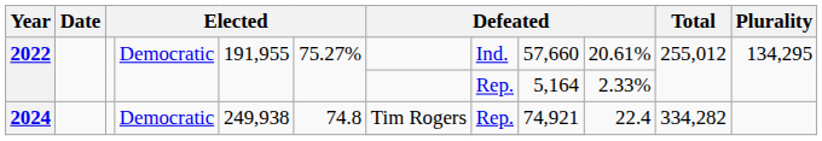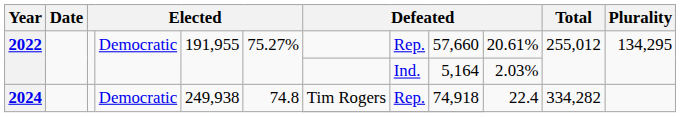 <table class=wikitable>
 <tr>
 <th>Year</th>
 <th>Date</th>
 <th ! colspan="4">Elected</th>
 <th ! colspan="4">Defeated</th>
 <th>Total</th>
 <th>Plurality</th>
 </tr>
 <tr>
 <th rowspan="2" valign="top"><a href='#'>2022</a></th>
 <td rowspan="2" valign="top"></td>
 <td rowspan="2" valign="top"></td>
 <td rowspan="2" valign="top" ><a href='#'>Democratic</a></td>
 <td rowspan="2" valign="top" align="right">191,955</td>
 <td rowspan="2" valign="top" align="right">75.27%</td>
 <td valign="top"></td>
-<td valign="top" ><a href='#'>Ind.</a></td>
+<td valign="top" ><a href='#'>Rep.</a></td>
 <td valign="top" align="right">57,660</td>
 <td valign="top" align="right">20.61%</td>
 <td rowspan="2" valign="top" align="right">255,012</td>
 <td rowspan="2" valign="top" align="right">134,295</td>
 </tr>
 <tr>
 <td valign="top"></td>
-<td valign="top" ><a href='#'>Rep.</a></td>
+<td valign="top" ><a href='#'>Ind.</a></td>
 <td valign="top" align="right">5,164</td>
-<td valign="top" align="right">2.33%</td>
+<td valign="top" align="right">2.03%</td>
 </tr>
 <tr>
 <th rowspan="4" valign="top"><a href='#'>2024</a></th>
 <td rowspan="4" valign="top"></td>
 <td rowspan="4" valign="top"></td>
 <td rowspan="4" valign="top" ><a href='#'>Democratic</a></td>
 <td rowspan="4" valign="top" align="right">249,938</td>
 <td rowspan="4" valign="top" align="right">74.8</td>
 <td>Tim Rogers</td>
 <td valign="top" ><a href='#'>Rep.</a></td>
-<td valign="top" align="right">74,921</td>
+<td valign="top" align="right">74,918</td>
 <td rowspan="4" valign="top" align="right">22.4</td>
 <td rowspan="4" valign="top" align="right">334,282</td>
 <td rowspan="4" valign="top" align="right"></td>
 </tr>
 <tr>
 </tr>
 </table>
